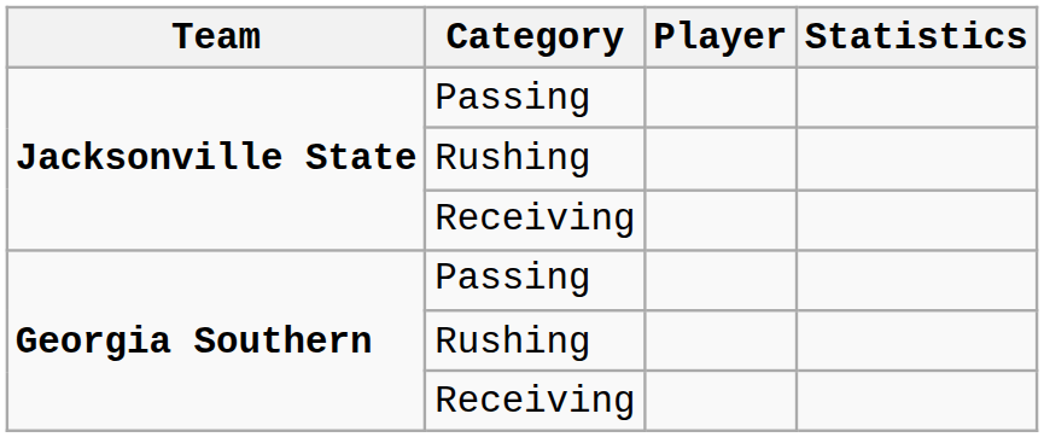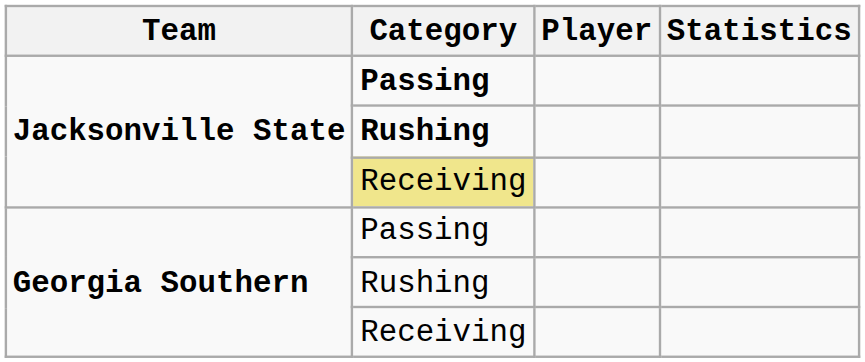 <table class="wikitable" style="float: right;">
 <tr>
 <th>Team</th>
 <th>Category</th>
 <th>Player</th>
 <th>Statistics</th>
 </tr>
 <tr>
 <td rowspan=3><strong>Jacksonville State</strong></td>
-<td>Passing</td>
+<td><strong>Passing</strong></td>
 <td></td>
 <td></td>
 </tr>
 <tr>
-<td>Rushing</td>
+<td><strong>Rushing</strong></td>
 <td></td>
 <td></td>
 </tr>
 <tr>
-<td>Receiving</td>
+<td style="background: khaki;">Receiving</td>
 <td></td>
 <td></td>
 </tr>
 <tr>
 <td rowspan=3><strong>Georgia Southern</strong></td>
 <td>Passing</td>
 <td></td>
 <td></td>
 </tr>
 <tr>
 <td>Rushing</td>
 <td></td>
 <td></td>
 </tr>
 <tr>
 <td>Receiving</td>
 <td></td>
 <td></td>
 </tr>
 </table>
